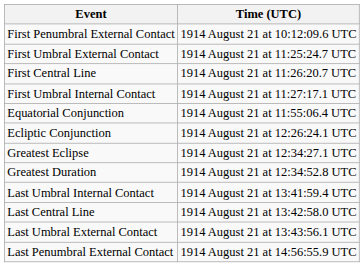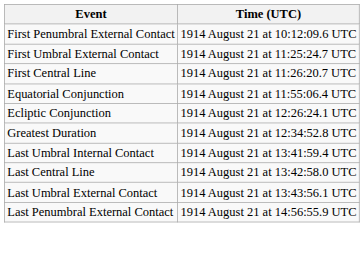 <table class="wikitable">
 <tr>
 <th>Event</th>
 <th>Time (UTC)</th>
 </tr>
 <tr>
 <td>First Penumbral External Contact</td>
 <td>1914 August 21 at 10:12:09.6 UTC</td>
 </tr>
 <tr>
 <td>First Umbral External Contact</td>
 <td>1914 August 21 at 11:25:24.7 UTC</td>
 </tr>
 <tr>
 <td>First Central Line</td>
 <td>1914 August 21 at 11:26:20.7 UTC</td>
 </tr>
 <tr>
-<td>First Umbral Internal Contact</td>
-<td>1914 August 21 at 11:27:17.1 UTC</td>
-</tr>
-<tr>
 <td>Equatorial Conjunction</td>
 <td>1914 August 21 at 11:55:06.4 UTC</td>
 </tr>
 <tr>
 <td>Ecliptic Conjunction</td>
 <td>1914 August 21 at 12:26:24.1 UTC</td>
-</tr>
-<tr>
-<td>Greatest Eclipse</td>
-<td>1914 August 21 at 12:34:27.1 UTC</td>
 </tr>
 <tr>
 <td>Greatest Duration</td>
 <td>1914 August 21 at 12:34:52.8 UTC</td>
 </tr>
 <tr>
 <td>Last Umbral Internal Contact</td>
 <td>1914 August 21 at 13:41:59.4 UTC</td>
 </tr>
 <tr>
 <td>Last Central Line</td>
 <td>1914 August 21 at 13:42:58.0 UTC</td>
 </tr>
 <tr>
 <td>Last Umbral External Contact</td>
 <td>1914 August 21 at 13:43:56.1 UTC</td>
 </tr>
 <tr>
 <td>Last Penumbral External Contact</td>
 <td>1914 August 21 at 14:56:55.9 UTC</td>
 </tr>
 </table>
